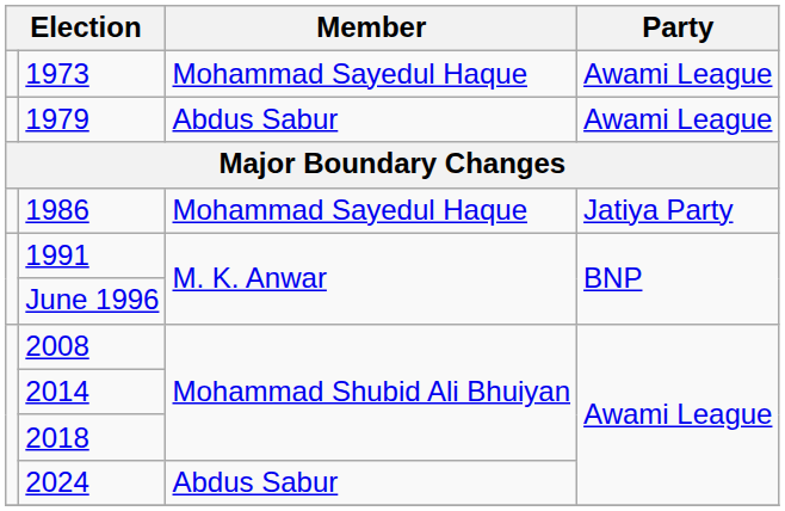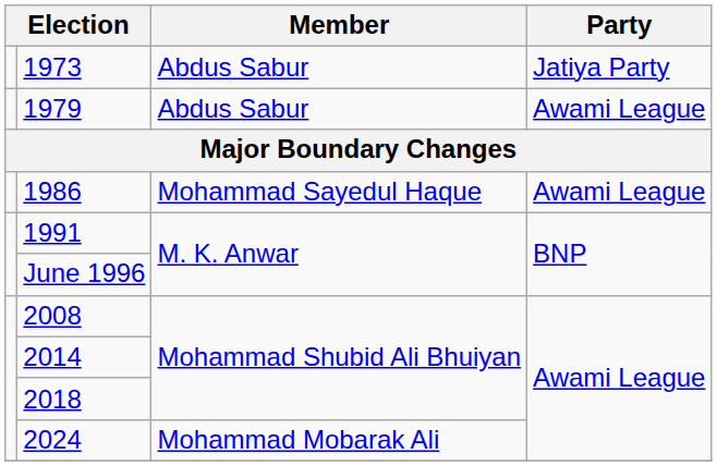 <table class="wikitable">
 <tr>
 <th colspan="2">Election</th>
 <th>Member</th>
 <th>Party</th>
 </tr>
 <tr>
 <td style="background-color:"></td>
 <td><a href='#'>1973</a></td>
-<td><a href='#'>Mohammad Sayedul Haque</a></td>
-<td><a href='#'>Awami League</a></td>
+<td><a href='#'>Abdus Sabur</a></td>
+<td><a href='#'>Jatiya Party</a></td>
 </tr>
 <tr>
 <td style="background-color:"></td>
 <td><a href='#'>1979</a></td>
 <td><a href='#'>Abdus Sabur</a></td>
 <td><a href='#'>Awami League</a></td>
 </tr>
 <tr>
 <th colspan="4">Major Boundary Changes</th>
 </tr>
 <tr>
 <td style="background-color:"></td>
 <td><a href='#'>1986</a></td>
 <td><a href='#'>Mohammad Sayedul Haque</a></td>
-<td><a href='#'>Jatiya Party</a></td>
+<td><a href='#'>Awami League</a></td>
 </tr>
 <tr>
 <td rowspan="2" style="background-color:"></td>
 <td><a href='#'>1991</a></td>
 <td rowspan="2"><a href='#'>M. K. Anwar</a></td>
 <td rowspan="2"><a href='#'>BNP</a></td>
 </tr>
 <tr>
 <td><a href='#'>June 1996</a></td>
 </tr>
 <tr>
 <td rowspan="4" style="background-color:"></td>
 <td><a href='#'>2008</a></td>
 <td rowspan="3"><a href='#'>Mohammad Shubid Ali Bhuiyan</a></td>
 <td rowspan="4"><a href='#'>Awami League</a></td>
 </tr>
 <tr>
 <td><a href='#'>2014</a></td>
 </tr>
 <tr>
 <td><a href='#'>2018</a></td>
 </tr>
 <tr>
 <td><a href='#'>2024</a></td>
-<td><a href='#'>Abdus Sabur</a></td>
+<td><a href='#'>Mohammad Mobarak Ali</a></td>
 </tr>
 <tr>
 </tr>
 </table>
